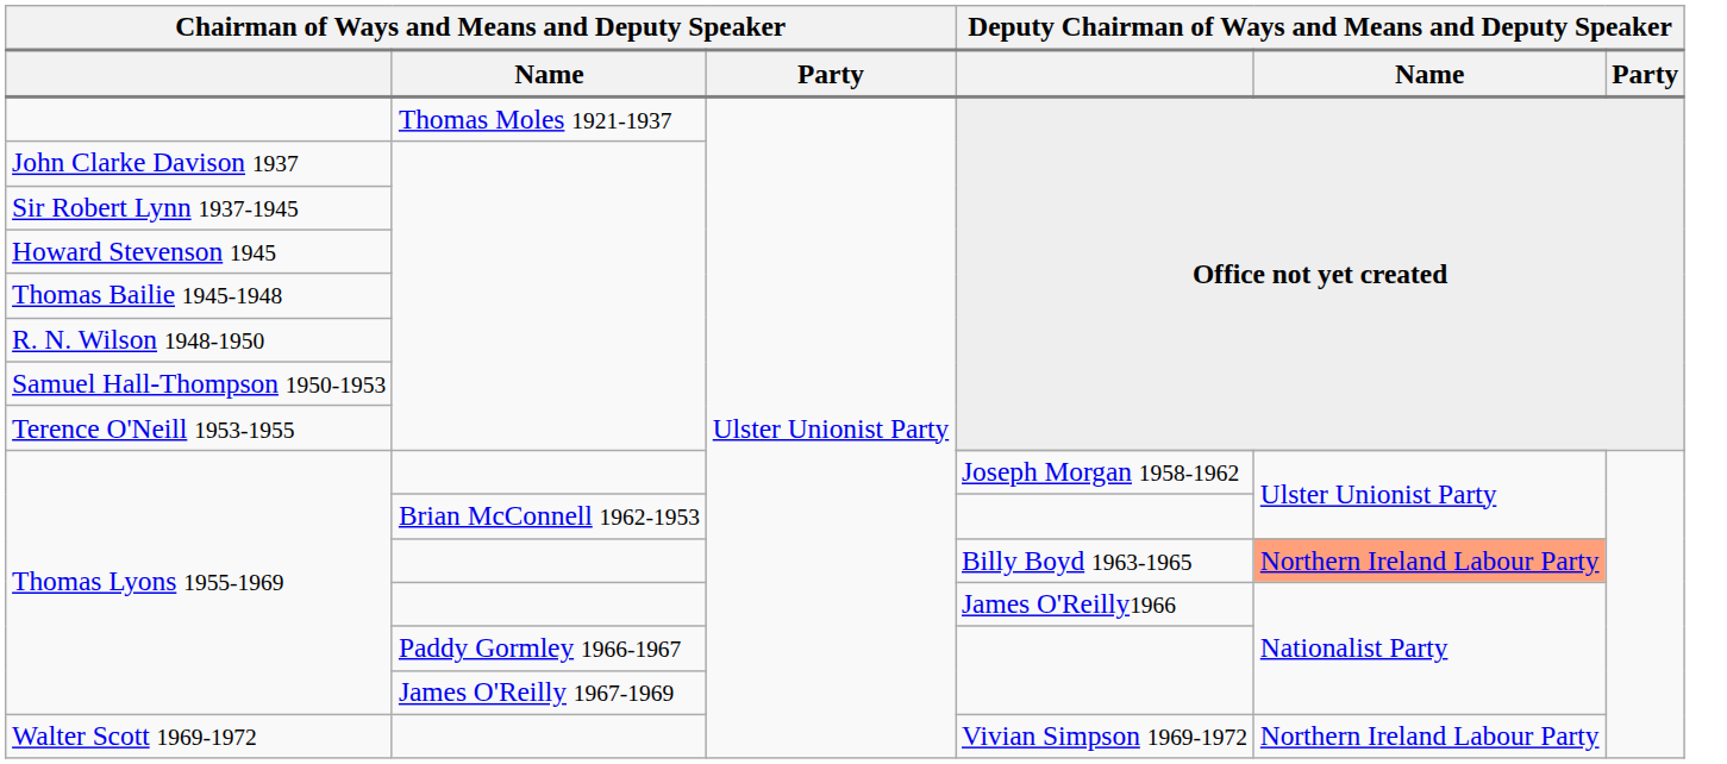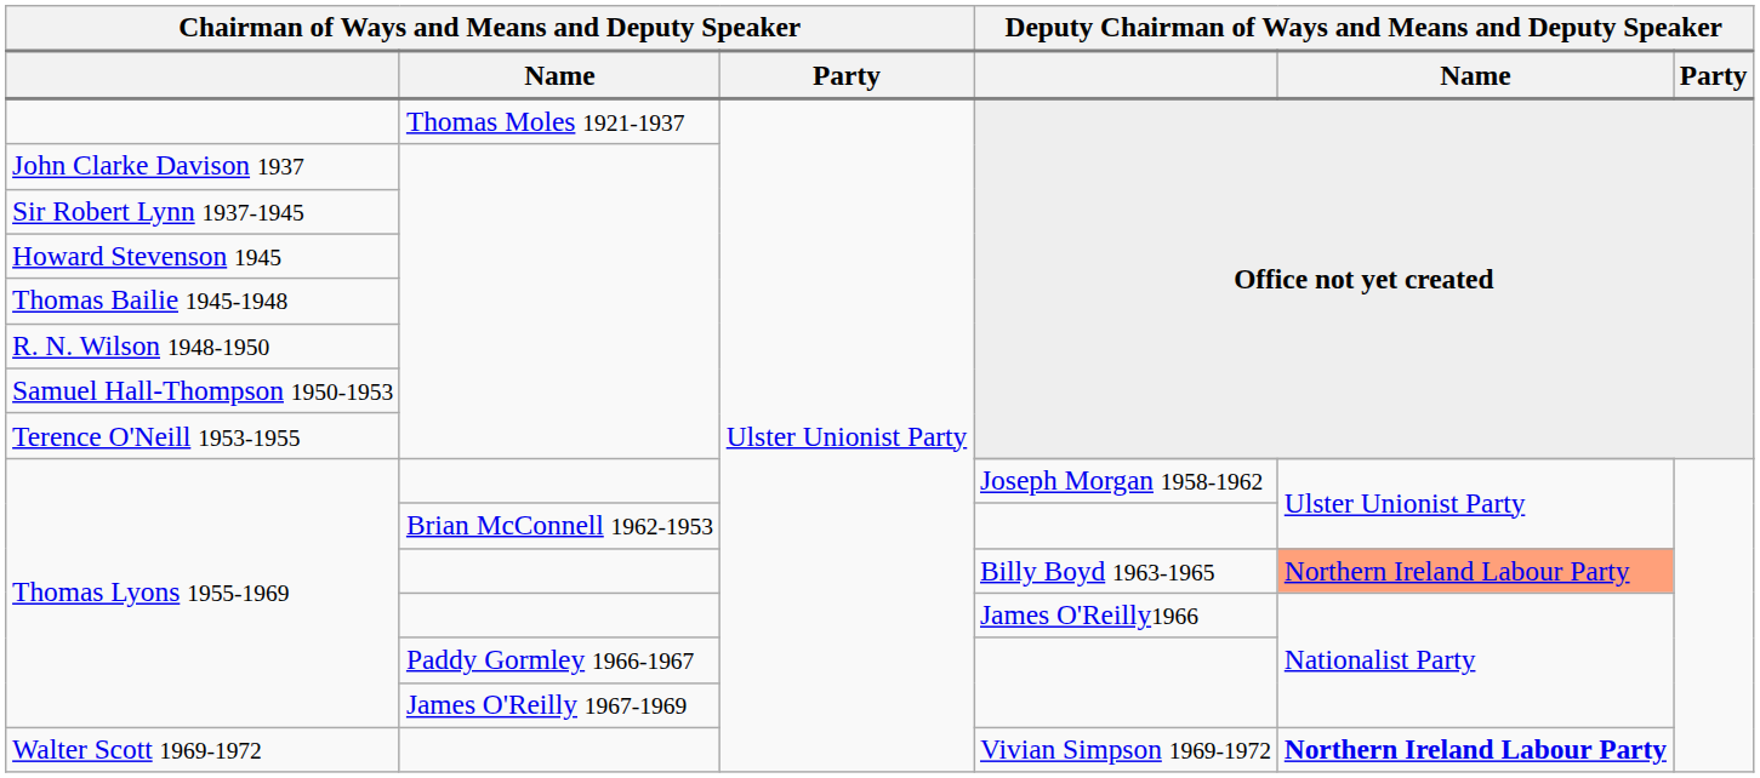 <table class="wikitable">
 <tr style="border-bottom: 2px solid gray;">
 <th colspan="3">Chairman of Ways and Means and Deputy Speaker</th>
 <th colspan="3">Deputy Chairman of Ways and Means and Deputy Speaker</th>
 </tr>
 <tr style="border-bottom: 2px solid gray;">
 <th colspan="1"></th>
 <th>Name</th>
 <th>Party</th>
 <th colspan="1"></th>
 <th>Name</th>
 <th>Party</th>
 </tr>
 <tr>
 <td style="background:"></td>
 <td><a href='#'>Thomas Moles</a> <small>1921-1937</small></td>
 <td rowspan="16"><a href='#'>Ulster Unionist Party</a></td>
 <th rowspan="8" colspan="3" style=background:#EEEEEE>Office not yet created</th>
 </tr>
 <tr>
 <td><a href='#'>John Clarke Davison</a> <small>1937</small></td>
 </tr>
 <tr>
 <td><a href='#'>Sir Robert Lynn</a> <small>1937-1945</small></td>
 </tr>
 <tr>
 <td><a href='#'>Howard Stevenson</a> <small>1945</small></td>
 </tr>
 <tr>
 <td><a href='#'>Thomas Bailie</a> <small>1945-1948</small></td>
 </tr>
 <tr>
 <td><a href='#'>R. N. Wilson</a> <small>1948-1950</small></td>
 </tr>
 <tr>
 <td><a href='#'>Samuel Hall-Thompson</a> <small>1950-1953</small></td>
 </tr>
 <tr>
 <td><a href='#'>Terence O'Neill</a> <small>1953-1955</small></td>
 </tr>
 <tr>
 <td rowspan="7"><a href='#'>Thomas Lyons</a> <small>1955-1969</small></td>
 </tr>
 <tr>
 <td style="background:"></td>
 <td><a href='#'>Joseph Morgan</a> <small>1958-1962</small></td>
 <td rowspan="2"><a href='#'>Ulster Unionist Party</a></td>
 </tr>
 <tr>
 <td><a href='#'>Brian McConnell</a> <small>1962-1953</small></td>
 </tr>
 <tr>
 <td style="background:"></td>
 <td><a href='#'>Billy Boyd</a> <small>1963-1965</small></td>
 <td style="background: lightsalmon;"><a href='#'>Northern Ireland Labour Party</a></td>
 </tr>
 <tr>
 <td style="background:"></td>
 <td><a href='#'>James O'Reilly</a><small>1966</small></td>
 <td rowspan="3"><a href='#'>Nationalist Party</a></td>
 </tr>
 <tr>
 <td><a href='#'>Paddy Gormley</a> <small>1966-1967</small></td>
 </tr>
 <tr>
 <td><a href='#'>James O'Reilly</a> <small>1967-1969</small></td>
 </tr>
 <tr>
 <td><a href='#'>Walter Scott</a> <small>1969-1972</small></td>
 <td style="background:"></td>
 <td><a href='#'>Vivian Simpson</a> <small>1969-1972</small></td>
-<td><a href='#'>Northern Ireland Labour Party</a></td>
+<td><strong><a href='#'>Northern Ireland Labour Party</a></strong></td>
 </tr>
 </table>
